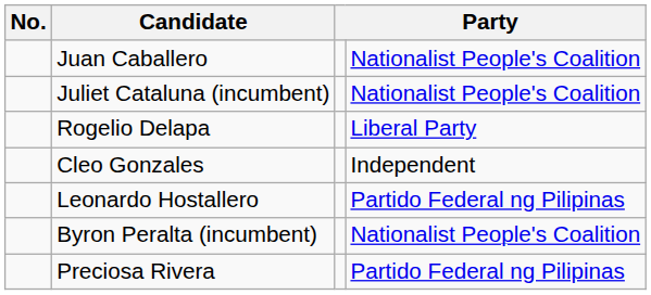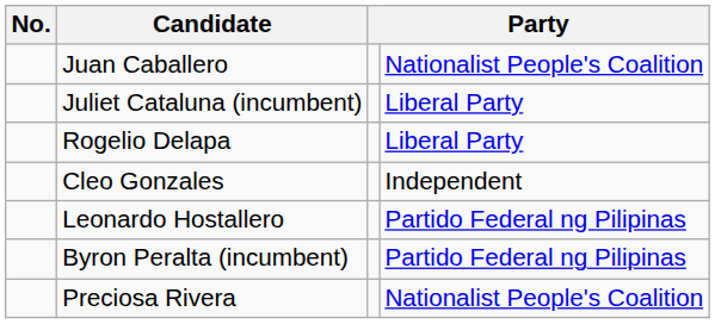 <table class="wikitable sortable" style="text-align:left;">
 <tr>
 <th>No.</th>
 <th>Candidate</th>
 <th colspan="2">Party</th>
 </tr>
 <tr>
 <td></td>
 <td>Juan Caballero</td>
 <td></td>
 <td><a href='#'>Nationalist People's Coalition</a></td>
 </tr>
 <tr>
 <td></td>
 <td>Juliet Cataluna (incumbent)</td>
 <td></td>
-<td><a href='#'>Nationalist People's Coalition</a></td>
+<td><a href='#'>Liberal Party</a></td>
 </tr>
 <tr>
 <td></td>
 <td>Rogelio Delapa</td>
 <td></td>
 <td><a href='#'>Liberal Party</a></td>
 </tr>
 <tr>
 <td></td>
 <td>Cleo Gonzales</td>
 <td></td>
 <td>Independent</td>
 </tr>
 <tr>
 <td></td>
 <td>Leonardo Hostallero</td>
 <td></td>
 <td><a href='#'>Partido Federal ng Pilipinas</a></td>
 </tr>
 <tr>
 <td></td>
 <td>Byron Peralta (incumbent)</td>
 <td></td>
-<td><a href='#'>Nationalist People's Coalition</a></td>
+<td><a href='#'>Partido Federal ng Pilipinas</a></td>
 </tr>
 <tr>
 <td></td>
 <td>Preciosa Rivera</td>
 <td></td>
-<td><a href='#'>Partido Federal ng Pilipinas</a></td>
+<td><a href='#'>Nationalist People's Coalition</a></td>
 </tr>
 </table>
